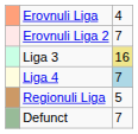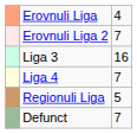 <table class="wikitable" style="text-align:left; font-size:95%;">
 <tr>
 <td style="width:10px; background:#ffa07a;"></td>
 <td><a href='#'>Erovnuli Liga</a></td>
 <td>4</td>
 </tr>
 <tr>
 <td style="width:10px; background:#FFE8E8;"></td>
 <td><a href='#'>Erovnuli Liga 2</a></td>
 <td>7</td>
 </tr>
 <tr>
 <td style="width:10px; background:#C9FFE5;"></td>
 <td>Liga 3</td>
-<td style="background: khaki;">16</td>
+<td>16</td>
 </tr>
 <tr>
 <td style="width:10px;  background:#FFFDDF;"></td>
 <td><a href='#'>Liga 4</a></td>
-<td style="background: lightblue;">7</td>
+<td>7</td>
 </tr>
 <tr>
 <td style="width:10px; background:#cc9966;"></td>
 <td><a href='#'>Regionuli Liga</a></td>
 <td>5</td>
 </tr>
 <tr>
 <td style="width:10px; background:#98bb98;"></td>
 <td>Defunct</td>
 <td>7</td>
 </tr>
 </table>
